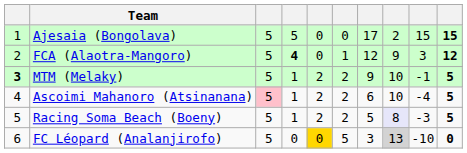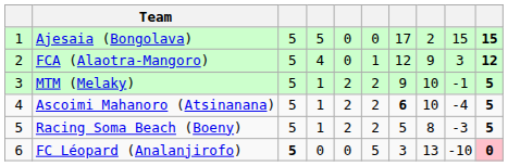 <table class="wikitable" style="text-align: center;">
 <tr>
 <th width=20></th>
 <th>Team</th>
 <th width=20></th>
 <th width=20></th>
 <th width=20></th>
 <th width=20></th>
 <th width=20></th>
 <th width=20></th>
 <th width=20></th>
 <th width=20></th>
 </tr>
 <tr bgcolor=#ccffcc>
 <td>1</td>
 <td align=left><a href='#'>Ajesaia</a> (<a href='#'>Bongolava</a>)</td>
 <td>5</td>
 <td>5</td>
 <td>0</td>
 <td>0</td>
 <td>17</td>
 <td>2</td>
 <td>15</td>
 <td><strong>15</strong></td>
 </tr>
 <tr bgcolor=#ccffcc>
 <td>2</td>
 <td align=left><a href='#'>FCA</a> (<a href='#'>Alaotra-Mangoro</a>)</td>
 <td>5</td>
-<td><strong>4</strong></td>
+<td>4</td>
 <td>0</td>
 <td>1</td>
 <td>12</td>
 <td>9</td>
 <td>3</td>
 <td><strong>12</strong></td>
 </tr>
 <tr bgcolor=#ccffcc>
-<td><strong>3</strong></td>
+<td>3</td>
 <td align=left><a href='#'>MTM</a> (<a href='#'>Melaky</a>)</td>
 <td>5</td>
 <td>1</td>
 <td>2</td>
 <td>2</td>
 <td>9</td>
 <td>10</td>
 <td>-1</td>
 <td><strong>5</strong></td>
 </tr>
 <tr>
 <td>4</td>
 <td align=left><a href='#'>Ascoimi Mahanoro</a> (<a href='#'>Atsinanana</a>)</td>
-<td style="background: pink;">5</td>
+<td>5</td>
 <td>1</td>
 <td>2</td>
 <td>2</td>
-<td>6</td>
+<td><strong>6</strong></td>
 <td>10</td>
 <td>-4</td>
 <td><strong>5</strong></td>
 </tr>
 <tr>
 <td>5</td>
 <td align=left><a href='#'>Racing Soma Beach</a> (<a href='#'>Boeny</a>)</td>
 <td>5</td>
 <td>1</td>
 <td>2</td>
 <td>2</td>
 <td>5</td>
-<td style="background: lavender;">8</td>
+<td>8</td>
 <td>-3</td>
 <td><strong>5</strong></td>
 </tr>
 <tr>
 <td>6</td>
 <td align=left><a href='#'>FC Léopard</a> (<a href='#'>Analanjirofo</a>)</td>
-<td>5</td>
+<td><strong>5</strong></td>
 <td>0</td>
-<td style="background: gold;">0</td>
+<td>0</td>
 <td>5</td>
 <td>3</td>
-<td style="background: lightgrey;">13</td>
+<td>13</td>
 <td>-10</td>
-<td><strong>0</strong></td>
+<td style="background: pink;"><strong>0</strong></td>
 </tr>
 </table>
